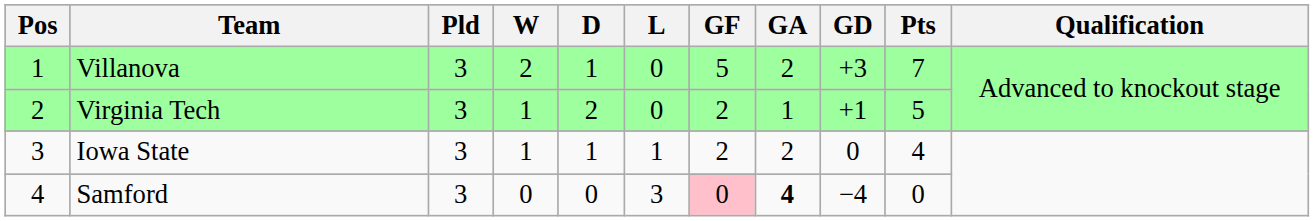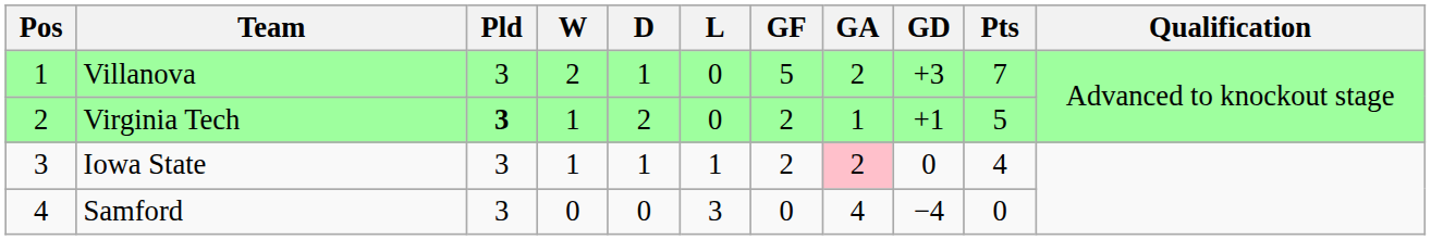 <table class="wikitable" style="text-align:center; margin: 1em auto">
 <tr>
 <th style="width:2em">Pos</th>
 <th style="width:13em">Team</th>
 <th style="width:2em">Pld</th>
 <th style="width:2em">W</th>
 <th style="width:2em">D</th>
 <th style="width:2em">L</th>
 <th style="width:2em">GF</th>
 <th style="width:2em">GA</th>
 <th style="width:2em">GD</th>
 <th style="width:2em">Pts</th>
 <th style="width:13em">Qualification</th>
 </tr>
 <tr bgcolor="#9eff9e">
 <td>1</td>
 <td style="text-align:left">Villanova</td>
 <td>3</td>
 <td>2</td>
 <td>1</td>
 <td>0</td>
 <td>5</td>
 <td>2</td>
 <td>+3</td>
 <td>7</td>
 <td rowspan="2">Advanced to knockout stage</td>
 </tr>
 <tr bgcolor="#9eff9e">
 <td>2</td>
 <td style="text-align:left">Virginia Tech</td>
-<td>3</td>
+<td><strong>3</strong></td>
 <td>1</td>
 <td>2</td>
 <td>0</td>
 <td>2</td>
 <td>1</td>
 <td>+1</td>
 <td>5</td>
 </tr>
 <tr>
 <td>3</td>
 <td style="text-align:left">Iowa State</td>
 <td>3</td>
 <td>1</td>
 <td>1</td>
 <td>1</td>
 <td>2</td>
-<td>2</td>
+<td style="background: pink;">2</td>
 <td>0</td>
 <td>4</td>
 <td rowspan="2"></td>
 </tr>
 <tr>
 <td>4</td>
 <td style="text-align:left">Samford</td>
 <td>3</td>
 <td>0</td>
 <td>0</td>
 <td>3</td>
-<td style="background: pink;">0</td>
-<td><strong>4</strong></td>
+<td>0</td>
+<td>4</td>
 <td>−4</td>
 <td>0</td>
 </tr>
 </table>
